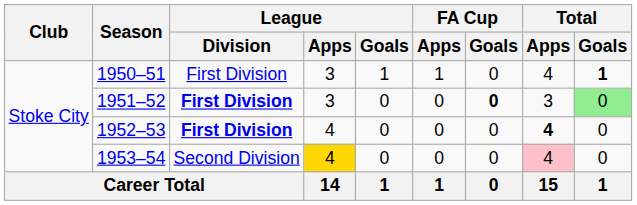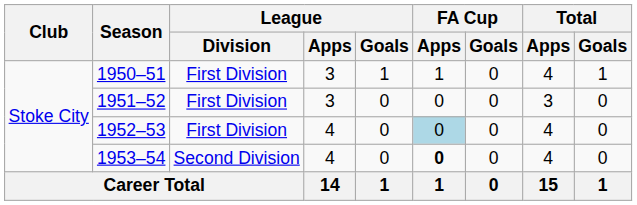 <table class="wikitable" style="text-align: center;">
 <tr>
 <th rowspan="2">Club</th>
 <th rowspan="2">Season</th>
 <th colspan="3">League</th>
 <th colspan="2">FA Cup</th>
 <th colspan="2">Total</th>
 </tr>
 <tr>
 <th>Division</th>
 <th>Apps</th>
 <th>Goals</th>
 <th>Apps</th>
 <th>Goals</th>
 <th>Apps</th>
 <th>Goals</th>
 </tr>
 <tr>
 <td rowspan="4"><a href='#'>Stoke City</a></td>
 <td><a href='#'>1950–51</a></td>
 <td><a href='#'>First Division</a></td>
 <td>3</td>
 <td>1</td>
 <td>1</td>
 <td>0</td>
 <td>4</td>
-<td><strong>1</strong></td>
+<td>1</td>
 </tr>
 <tr>
 <td><a href='#'>1951–52</a></td>
-<td><strong><a href='#'>First Division</a></strong></td>
+<td><a href='#'>First Division</a></td>
 <td>3</td>
 <td>0</td>
 <td>0</td>
-<td><strong>0</strong></td>
+<td>0</td>
 <td>3</td>
-<td style="background: lightgreen;">0</td>
+<td>0</td>
 </tr>
 <tr>
 <td><a href='#'>1952–53</a></td>
-<td><strong><a href='#'>First Division</a></strong></td>
+<td><a href='#'>First Division</a></td>
 <td>4</td>
 <td>0</td>
+<td style="background: lightblue;">0</td>
 <td>0</td>
-<td>0</td>
-<td><strong>4</strong></td>
+<td>4</td>
 <td>0</td>
 </tr>
 <tr>
 <td><a href='#'>1953–54</a></td>
 <td><a href='#'>Second Division</a></td>
-<td style="background: gold;">4</td>
+<td>4</td>
 <td>0</td>
+<td><strong>0</strong></td>
 <td>0</td>
-<td>0</td>
-<td style="background: pink;">4</td>
+<td>4</td>
 <td>0</td>
 </tr>
 <tr>
 <th colspan="3">Career Total</th>
 <th>14</th>
 <th>1</th>
 <th>1</th>
 <th>0</th>
 <th>15</th>
 <th>1</th>
 </tr>
 </table>
